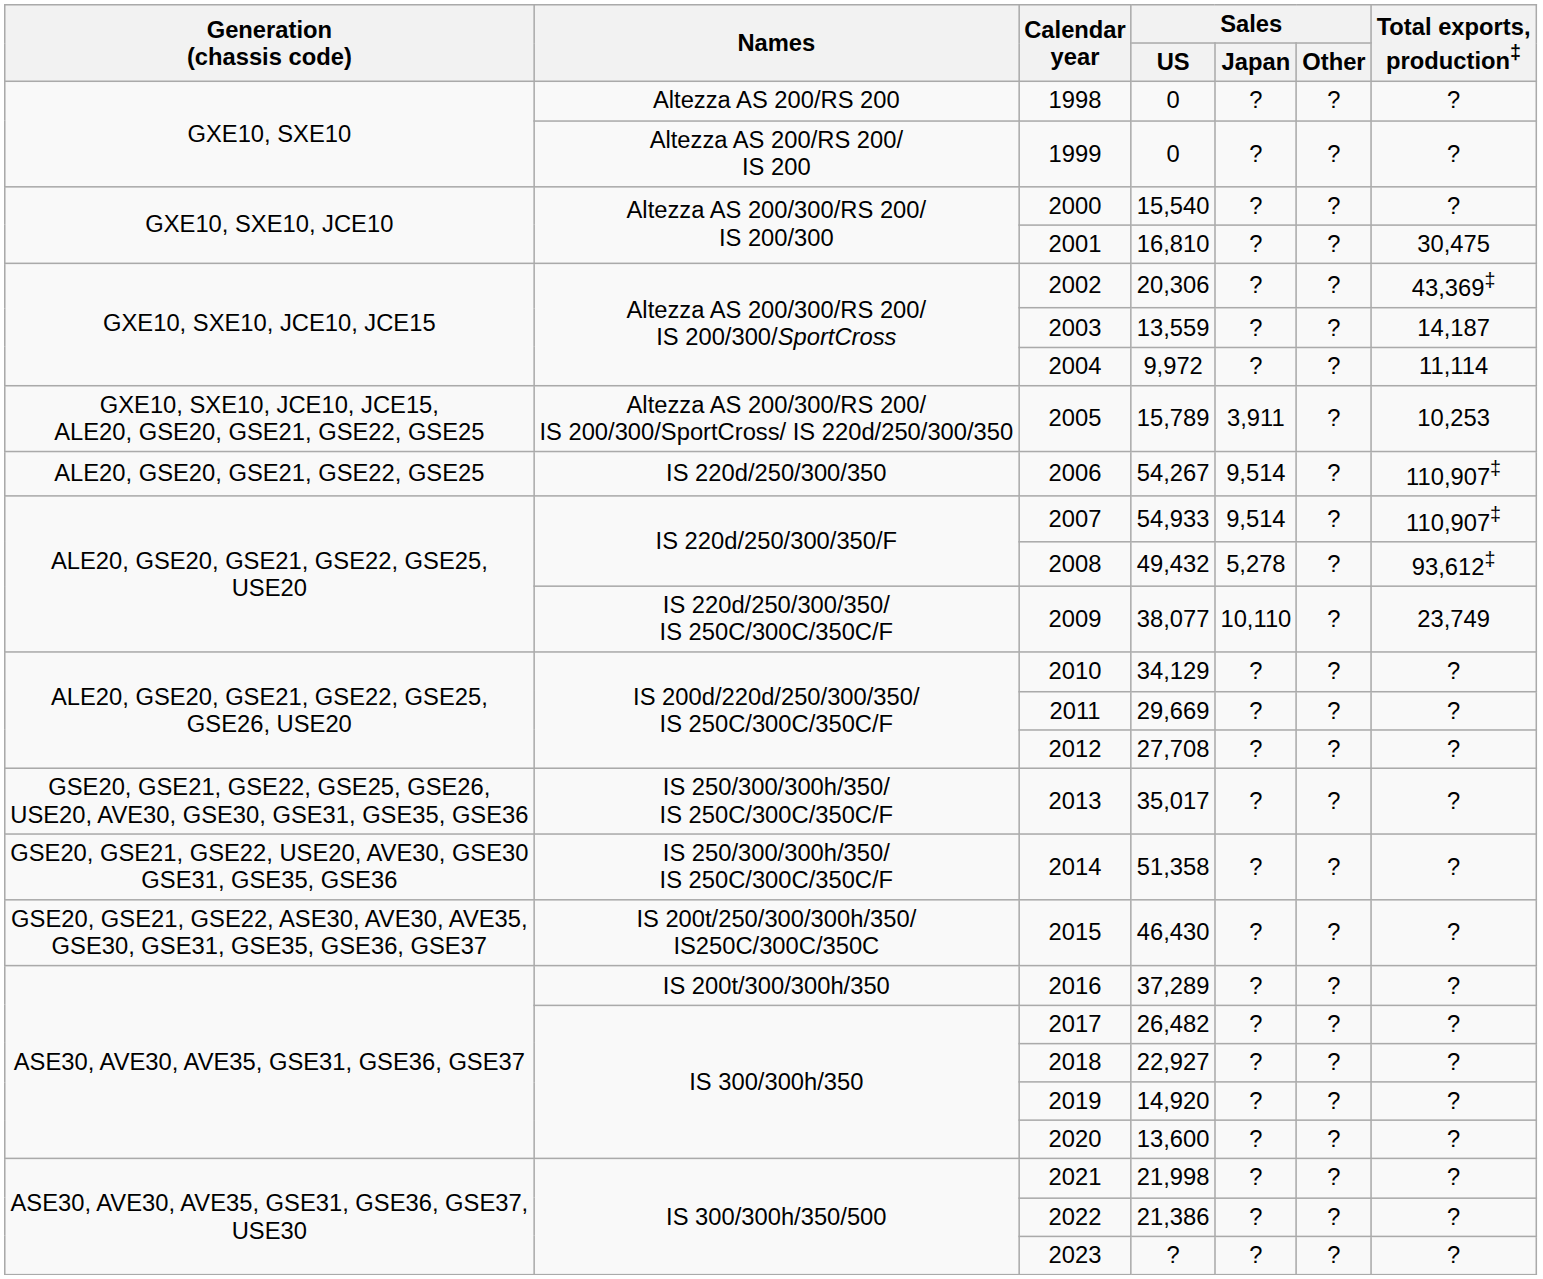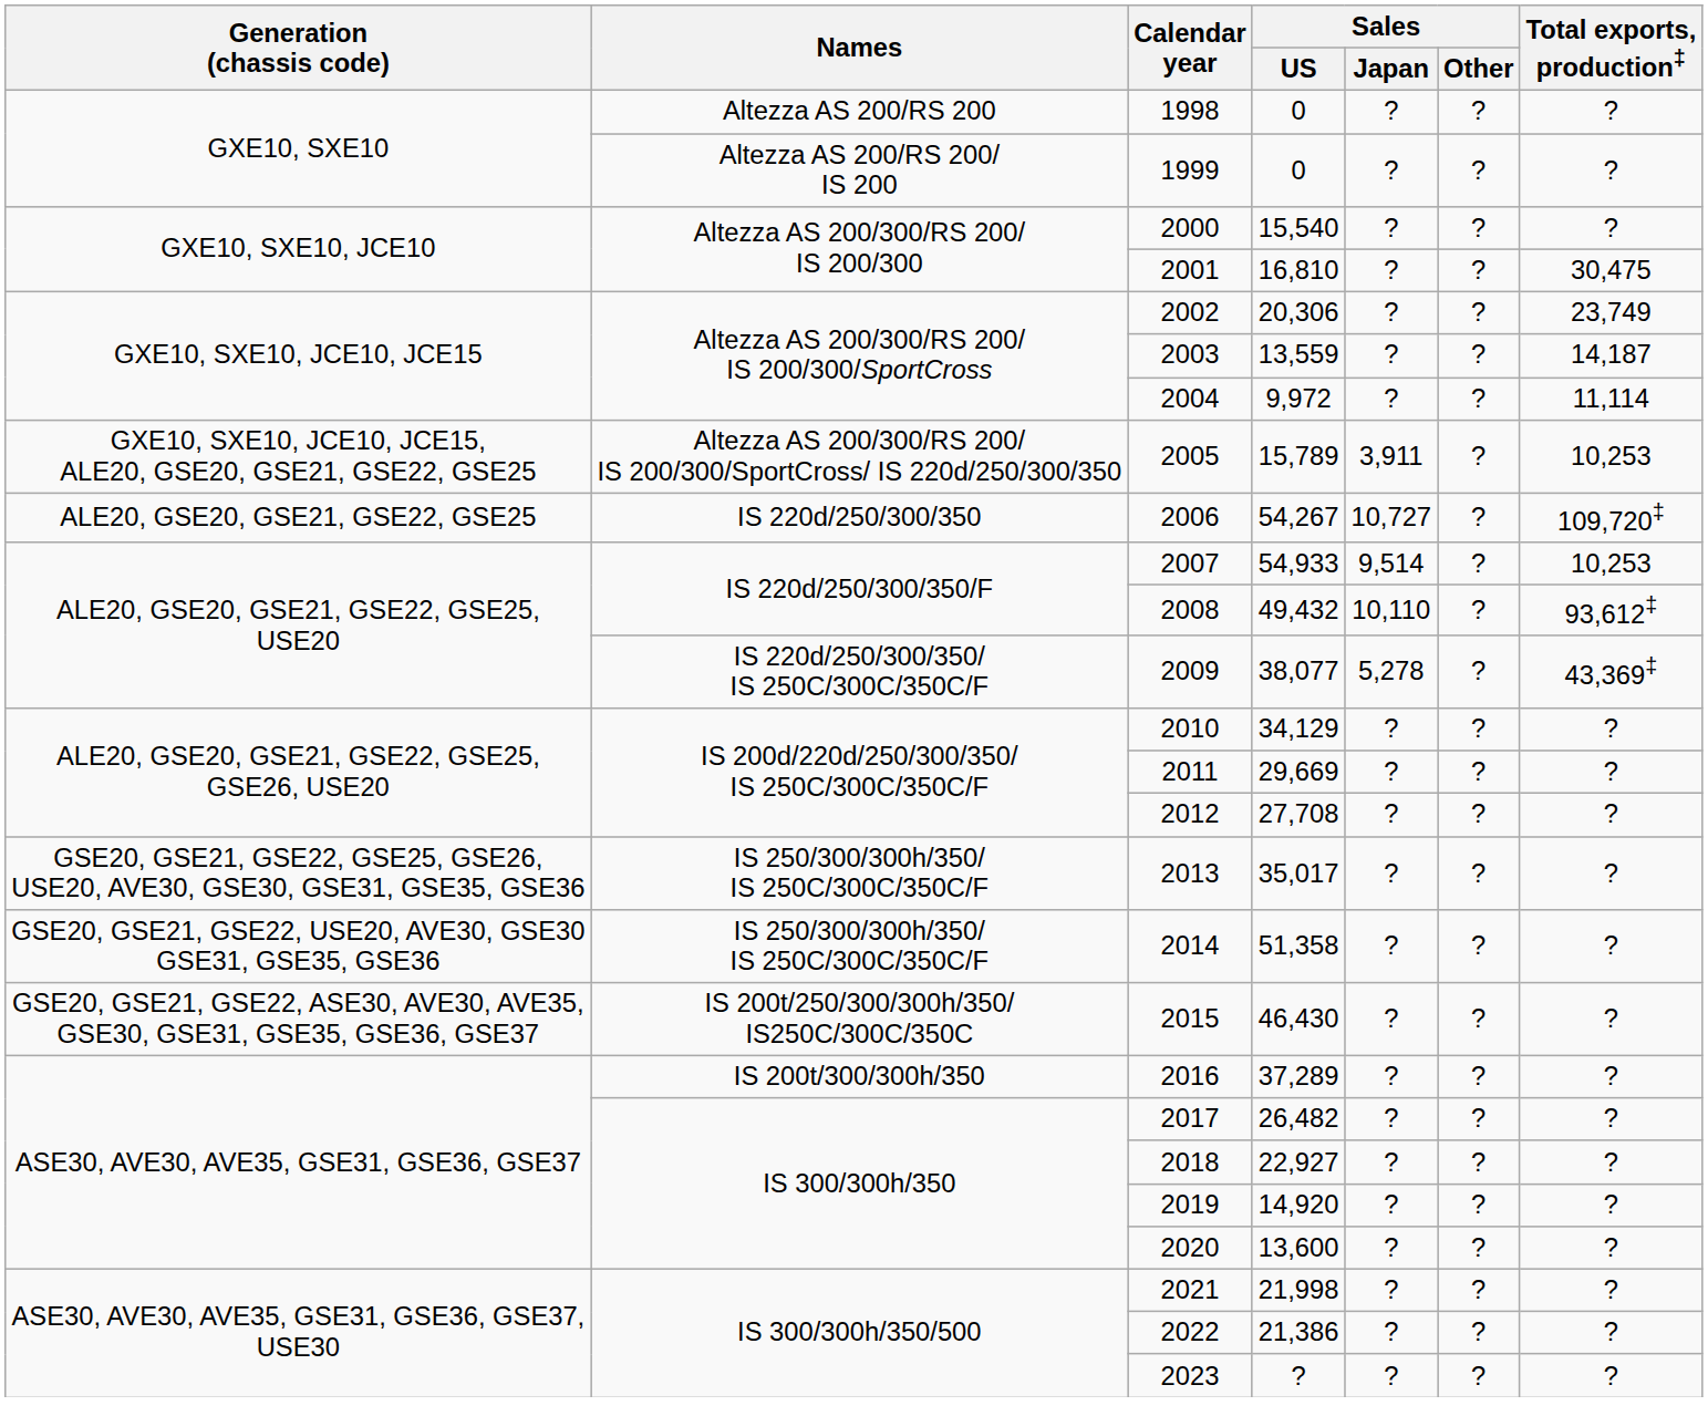 <table class="wikitable" style="font-size:97%; text-align:center;">
 <tr>
 <th rowspan=2>Generation <br>(chassis code)</th>
 <th rowspan=2>Names</th>
 <th rowspan=2>Calendar <br>year</th>
 <th colspan="3">Sales</th>
 <th rowspan=2>Total exports, <br>production<sup>‡</sup></th>
 </tr>
 <tr>
 <th>US</th>
 <th>Japan</th>
 <th>Other</th>
 </tr>
 <tr>
 <td rowspan="2">GXE10, SXE10</td>
 <td>Altezza AS 200/RS 200</td>
 <td>1998</td>
 <td>0</td>
 <td>?</td>
 <td>?</td>
 <td>?</td>
 </tr>
 <tr>
 <td>Altezza AS 200/RS 200/<br>IS 200</td>
 <td>1999</td>
 <td>0</td>
 <td>?</td>
 <td>?</td>
 <td>?</td>
 </tr>
 <tr>
 <td rowspan="2">GXE10, SXE10, JCE10</td>
 <td rowspan="2">Altezza AS 200/300/RS 200/<br>IS 200/300</td>
 <td>2000</td>
 <td>15,540</td>
 <td>?</td>
 <td>?</td>
 <td>?</td>
 </tr>
 <tr>
 <td>2001</td>
 <td>16,810</td>
 <td>?</td>
 <td>?</td>
 <td>30,475</td>
 </tr>
 <tr>
 <td rowspan="3">GXE10, SXE10, JCE10, JCE15</td>
 <td rowspan="3">Altezza AS 200/300/RS 200/<br>IS 200/300/<em>SportCross</em></td>
 <td>2002</td>
 <td>20,306</td>
 <td>?</td>
 <td>?</td>
-<td>43,369<sup>‡</sup></td>
+<td>23,749</td>
 </tr>
 <tr>
 <td>2003</td>
 <td>13,559</td>
 <td>?</td>
 <td>?</td>
 <td>14,187</td>
 </tr>
 <tr>
 <td>2004</td>
 <td>9,972</td>
 <td>?</td>
 <td>?</td>
 <td>11,114</td>
 </tr>
 <tr>
 <td>GXE10, SXE10, JCE10, JCE15,<br>ALE20, GSE20, GSE21, GSE22, GSE25</td>
 <td>Altezza AS 200/300/RS 200/<br>IS 200/300/SportCross/ IS 220d/250/300/350</td>
 <td>2005</td>
 <td>15,789</td>
 <td>3,911</td>
 <td>?</td>
 <td>10,253</td>
 </tr>
 <tr>
 <td>ALE20, GSE20, GSE21, GSE22, GSE25</td>
 <td>IS 220d/250/300/350</td>
 <td>2006</td>
 <td>54,267</td>
-<td>9,514</td>
+<td>10,727</td>
 <td>?</td>
-<td>110,907<sup>‡</sup></td>
+<td>109,720<sup>‡</sup></td>
 </tr>
 <tr>
 <td rowspan="3">ALE20, GSE20, GSE21, GSE22, GSE25,<br>USE20</td>
 <td rowspan="2">IS 220d/250/300/350/F</td>
 <td>2007</td>
 <td>54,933</td>
 <td>9,514</td>
 <td>?</td>
-<td>110,907<sup>‡</sup></td>
+<td>10,253</td>
 </tr>
 <tr>
 <td>2008</td>
 <td>49,432</td>
-<td>5,278</td>
+<td>10,110</td>
 <td>?</td>
 <td>93,612<sup>‡</sup></td>
 </tr>
 <tr>
 <td>IS 220d/250/300/350/<br>IS 250C/300C/350C/F</td>
 <td>2009</td>
 <td>38,077</td>
-<td>10,110</td>
+<td>5,278</td>
 <td>?</td>
-<td>23,749</td>
+<td>43,369<sup>‡</sup></td>
 </tr>
 <tr>
 <td rowspan="3">ALE20, GSE20, GSE21, GSE22, GSE25,<br>GSE26, USE20</td>
 <td rowspan="3">IS 200d/220d/250/300/350/<br>IS 250C/300C/350C/F</td>
 <td>2010</td>
 <td>34,129</td>
 <td>?</td>
 <td>?</td>
 <td>?</td>
 </tr>
 <tr>
 <td>2011</td>
 <td>29,669</td>
 <td>?</td>
 <td>?</td>
 <td>?</td>
 </tr>
 <tr>
 <td>2012</td>
 <td>27,708</td>
 <td>?</td>
 <td>?</td>
 <td>?</td>
 </tr>
 <tr ->
 <td>GSE20, GSE21, GSE22, GSE25, GSE26,<br>USE20, AVE30, GSE30, GSE31, GSE35, GSE36</td>
 <td>IS 250/300/300h/350/<br>IS 250C/300C/350C/F</td>
 <td>2013</td>
 <td>35,017</td>
 <td>?</td>
 <td>?</td>
 <td>?</td>
 </tr>
 <tr>
 <td>GSE20, GSE21, GSE22, USE20, AVE30, GSE30<br>GSE31, GSE35, GSE36</td>
 <td>IS 250/300/300h/350/<br>IS 250C/300C/350C/F</td>
 <td>2014</td>
 <td>51,358</td>
 <td>?</td>
 <td>?</td>
 <td>?</td>
 </tr>
 <tr>
 <td>GSE20, GSE21, GSE22, ASE30, AVE30, AVE35,<br>GSE30, GSE31, GSE35, GSE36, GSE37</td>
 <td>IS 200t/250/300/300h/350/<br>IS250C/300C/350C</td>
 <td>2015</td>
 <td>46,430</td>
 <td>?</td>
 <td>?</td>
 <td>?</td>
 </tr>
 <tr>
 <td rowspan="5">ASE30, AVE30, AVE35, GSE31, GSE36, GSE37</td>
 <td>IS 200t/300/300h/350</td>
 <td>2016</td>
 <td>37,289</td>
 <td>?</td>
 <td>?</td>
 <td>?</td>
 </tr>
 <tr>
 <td rowspan="4">IS 300/300h/350</td>
 <td>2017</td>
 <td>26,482</td>
 <td>?</td>
 <td>?</td>
 <td>?</td>
 </tr>
 <tr>
 <td>2018</td>
 <td>22,927</td>
 <td>?</td>
 <td>?</td>
 <td>?</td>
 </tr>
 <tr>
 <td>2019</td>
 <td>14,920</td>
 <td>?</td>
 <td>?</td>
 <td>?</td>
 </tr>
 <tr>
 <td>2020</td>
 <td>13,600</td>
 <td>?</td>
 <td>?</td>
 <td>?</td>
 </tr>
 <tr>
 <td rowspan="3">ASE30, AVE30, AVE35, GSE31, GSE36, GSE37,<br>USE30</td>
 <td rowspan="3">IS 300/300h/350/500</td>
 <td>2021</td>
 <td>21,998</td>
 <td>?</td>
 <td>?</td>
 <td>?</td>
 </tr>
 <tr>
 <td>2022</td>
 <td>21,386</td>
 <td>?</td>
 <td>?</td>
 <td>?</td>
 </tr>
 <tr>
 <td>2023</td>
 <td>?</td>
 <td>?</td>
 <td>?</td>
 <td>?</td>
 </tr>
 </table>
